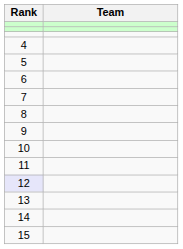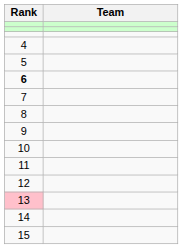 <table class="wikitable" style="text-align: center">
 <tr>
 <th width=50>Rank</th>
 <th width=190>Team</th>
 </tr>
 <tr bgcolor=#ccffcc>
 <td></td>
 <td align=left></td>
 </tr>
 <tr bgcolor=#ccffcc>
 <td></td>
 <td align=left></td>
 </tr>
 <tr>
 <td></td>
 <td align=left></td>
 </tr>
 <tr>
 <td>4</td>
 <td align=left></td>
 </tr>
 <tr>
 <td>5</td>
 <td align=left></td>
 </tr>
 <tr>
-<td>6</td>
+<td><strong>6</strong></td>
 <td align=left></td>
 </tr>
 <tr>
 <td>7</td>
 <td align=left></td>
 </tr>
 <tr>
 <td>8</td>
 <td align=left></td>
 </tr>
 <tr>
 <td>9</td>
 <td align=left></td>
 </tr>
 <tr>
 <td>10</td>
 <td align=left></td>
 </tr>
 <tr>
 <td>11</td>
 <td align=left></td>
 </tr>
 <tr>
-<td style="background: lavender;">12</td>
+<td>12</td>
 <td align=left></td>
 </tr>
 <tr>
-<td>13</td>
+<td style="background: pink;">13</td>
 <td align=left></td>
 </tr>
 <tr>
 <td>14</td>
 <td align=left></td>
 </tr>
 <tr>
 <td>15</td>
 <td align=left></td>
 </tr>
 </table>
